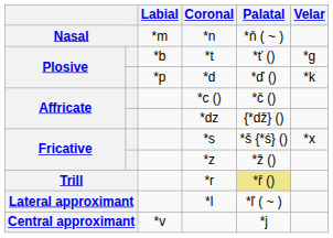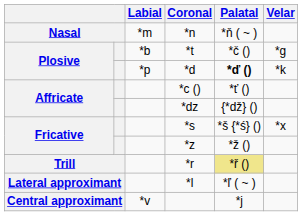 <table class="wikitable" style="text-align:center">
 <tr>
 <th colspan="2"></th>
 <th><a href='#'>Labial</a></th>
 <th><a href='#'>Coronal</a></th>
 <th><a href='#'>Palatal</a></th>
 <th><a href='#'>Velar</a></th>
 </tr>
 <tr align="center">
 <th colspan="2"><a href='#'>Nasal</a></th>
 <td>*m</td>
 <td>*n</td>
 <td>*ň ( ~ )</td>
 <td></td>
 </tr>
 <tr align="center">
 <th rowspan="2"><a href='#'>Plosive</a></th>
 <th></th>
 <td>*b</td>
 <td>*t</td>
-<td>*ť ()</td>
+<td>*č ()</td>
 <td>*g</td>
 </tr>
 <tr>
 <th></th>
 <td>*p</td>
 <td>*d</td>
-<td>*ď ()</td>
+<td><strong>*ď ()</strong></td>
 <td>*k</td>
 </tr>
 <tr align="center">
 <th rowspan="2"><a href='#'>Affricate</a></th>
 <th></th>
 <td></td>
 <td>*c ()</td>
-<td>*č ()</td>
+<td>*ť ()</td>
 <td></td>
 </tr>
 <tr>
 <th></th>
 <td></td>
 <td>*dz</td>
 <td>{*dž} ()</td>
 <td></td>
 </tr>
 <tr align="center">
 <th rowspan="2"><a href='#'>Fricative</a></th>
 <th></th>
 <td></td>
 <td>*s</td>
 <td>*š {*ś} ()</td>
 <td>*x</td>
 </tr>
 <tr>
 <th></th>
 <td></td>
 <td>*z</td>
 <td>*ž ()</td>
 <td></td>
 </tr>
 <tr align="center">
 <th colspan="2"><a href='#'>Trill</a></th>
 <td></td>
 <td>*r</td>
 <td style="background: khaki;">*ř ()</td>
 <td></td>
 </tr>
 <tr align="center">
 <th colspan="2"><a href='#'>Lateral approximant</a></th>
 <td></td>
 <td>*l</td>
 <td>*ľ ( ~ )</td>
 <td></td>
 </tr>
 <tr align="center">
 <th colspan="2"><a href='#'>Central approximant</a></th>
 <td>*v</td>
 <td></td>
 <td>*j</td>
 <td></td>
 </tr>
 </table>
